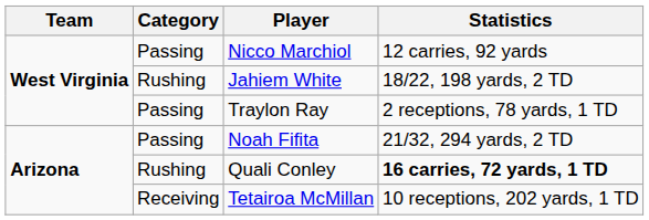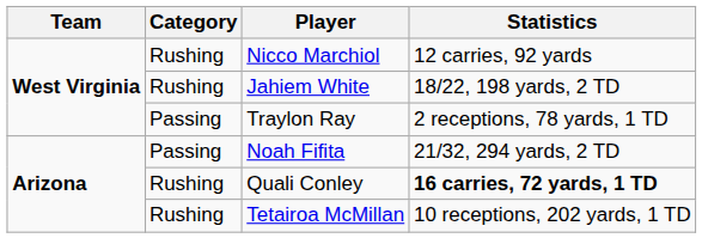 <table class="wikitable" style="float: right;">
 <tr>
 <th>Team</th>
 <th>Category</th>
 <th>Player</th>
 <th>Statistics</th>
 </tr>
 <tr>
 <td rowspan=3><strong>West Virginia</strong></td>
-<td>Passing</td>
+<td>Rushing</td>
 <td><a href='#'>Nicco Marchiol</a></td>
 <td>12 carries, 92 yards</td>
 </tr>
 <tr>
 <td>Rushing</td>
 <td><a href='#'>Jahiem White</a></td>
 <td>18/22, 198 yards, 2 TD</td>
 </tr>
 <tr>
 <td>Passing</td>
 <td>Traylon Ray</td>
 <td>2 receptions, 78 yards, 1 TD</td>
 </tr>
 <tr>
 <td rowspan=3><strong>Arizona</strong></td>
 <td>Passing</td>
 <td><a href='#'>Noah Fifita</a></td>
 <td>21/32, 294 yards, 2 TD</td>
 </tr>
 <tr>
 <td>Rushing</td>
 <td>Quali Conley</td>
 <td><strong>16 carries, 72 yards, 1 TD</strong></td>
 </tr>
 <tr>
-<td>Receiving</td>
+<td>Rushing</td>
 <td><a href='#'>Tetairoa McMillan</a></td>
 <td>10 receptions, 202 yards, 1 TD</td>
 </tr>
 </table>
